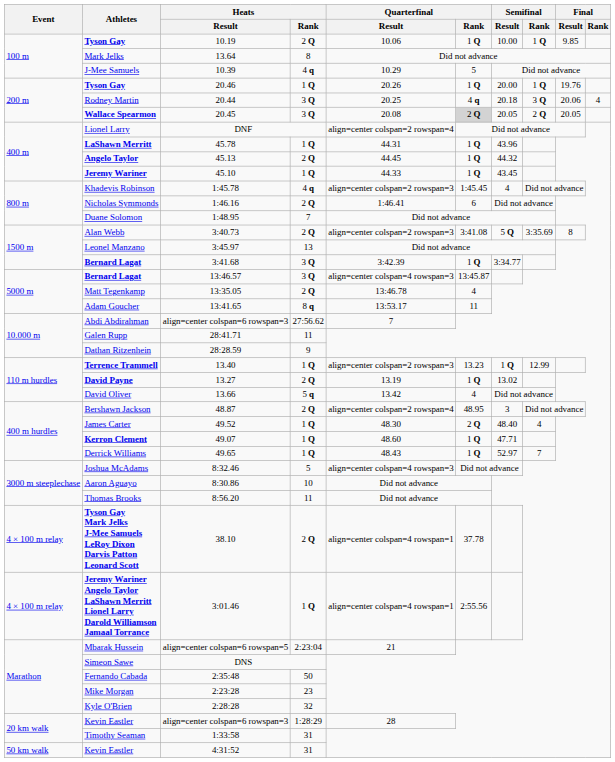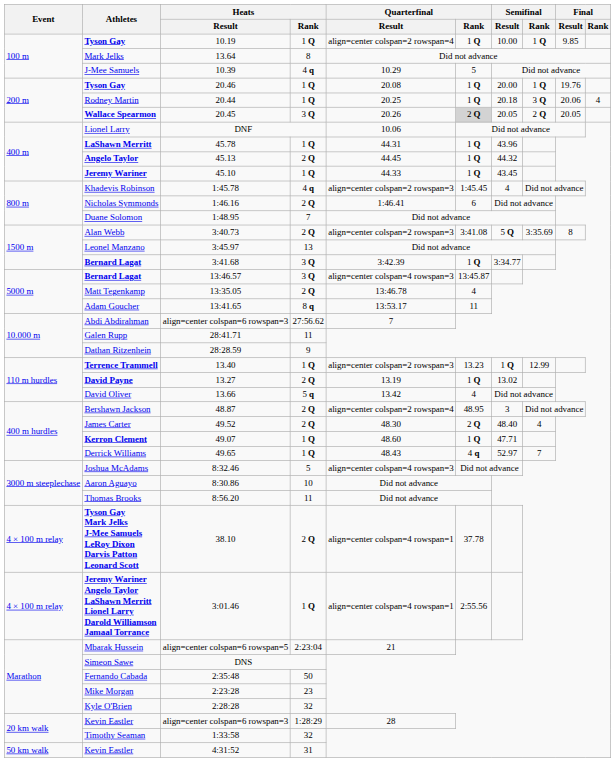 <table class="wikitable" border="1" style="font-size:90%">
 <tr>
 <th rowspan="2">Event</th>
 <th rowspan="2">Athletes</th>
 <th colspan="2">Heats</th>
 <th colspan="2">Quarterfinal</th>
 <th colspan="2">Semifinal</th>
 <th colspan="2">Final</th>
 </tr>
 <tr>
 <th>Result</th>
 <th>Rank</th>
 <th>Result</th>
 <th>Rank</th>
 <th>Result</th>
 <th>Rank</th>
 <th>Result</th>
 <th>Rank</th>
 </tr>
 <tr>
 <td rowspan=3><a href='#'>100 m</a></td>
 <td><strong><a href='#'>Tyson Gay</a></strong></td>
 <td align=center>10.19</td>
-<td align=center>2 <strong>Q</strong></td>
-<td align=center>10.06</td>
+<td align=center>1 <strong>Q</strong></td>
+<td>align=center colspan=2 rowspan=4 </td>
 <td align=center>1 <strong>Q</strong></td>
 <td align=center>10.00</td>
 <td align=center>1 <strong>Q</strong></td>
 <td align=center>9.85</td>
 <td align=center></td>
 </tr>
 <tr>
 <td><a href='#'>Mark Jelks</a></td>
 <td align=center>13.64</td>
 <td align=center>8</td>
 <td align=center colspan=6>Did not advance</td>
 </tr>
 <tr>
 <td><a href='#'>J-Mee Samuels</a></td>
 <td align=center>10.39</td>
 <td align=center>4 <strong>q</strong></td>
 <td align=center>10.29</td>
 <td align=center>5</td>
 <td align=center colspan=4>Did not advance</td>
 </tr>
 <tr>
 <td rowspan=3><a href='#'>200 m</a></td>
 <td><strong><a href='#'>Tyson Gay</a></strong></td>
 <td align=center>20.46</td>
 <td align=center>1 <strong>Q</strong></td>
-<td align=center>20.26</td>
+<td align=center>20.08</td>
 <td align=center>1 <strong>Q</strong></td>
 <td align=center>20.00</td>
 <td align=center>1 <strong>Q</strong></td>
 <td align=center>19.76</td>
 <td align=center></td>
 </tr>
 <tr>
 <td><a href='#'>Rodney Martin</a></td>
 <td align=center>20.44</td>
-<td align=center>3 <strong>Q</strong></td>
+<td align=center>1 <strong>Q</strong></td>
 <td align=center>20.25</td>
-<td align=center>4 <strong>q</strong></td>
+<td align=center>1 <strong>Q</strong></td>
 <td align=center>20.18  </td>
 <td align=center>3 <strong>Q</strong></td>
 <td align=center>20.06</td>
 <td align=center>4</td>
 </tr>
 <tr>
 <td><strong><a href='#'>Wallace Spearmon</a></strong></td>
 <td align=center>20.45</td>
 <td align=center>3 <strong>Q</strong></td>
-<td align=center>20.08</td>
+<td align=center>20.26</td>
 <td align=center style="background: lightgrey;">2 <strong>Q</strong></td>
 <td align=center>20.05</td>
 <td align=center>2 <strong>Q</strong></td>
 <td align=center>20.05</td>
 <td align=center></td>
 </tr>
 <tr>
 <td rowspan=4><a href='#'>400 m</a></td>
 <td><a href='#'>Lionel Larry</a></td>
 <td align=center colspan=2>DNF</td>
-<td>align=center colspan=2 rowspan=4 </td>
+<td align=center>10.06</td>
 <td align=center colspan=4>Did not advance</td>
 </tr>
 <tr>
 <td><strong><a href='#'>LaShawn Merritt</a></strong></td>
 <td align=center>45.78</td>
 <td align=center>1 <strong>Q</strong></td>
 <td align=center>44.31</td>
 <td align=center>1 <strong>Q</strong></td>
 <td align=center>43.96 </td>
 <td align=center></td>
 </tr>
 <tr>
 <td><strong><a href='#'>Angelo Taylor</a></strong></td>
 <td align=center>45.13</td>
 <td align=center>2 <strong>Q</strong></td>
 <td align=center>44.45</td>
 <td align=center>1 <strong>Q</strong></td>
 <td align=center>44.32</td>
 <td align=center></td>
 </tr>
 <tr>
 <td><strong><a href='#'>Jeremy Wariner</a></strong></td>
 <td align=center>45.10</td>
 <td align=center>1 <strong>Q</strong></td>
 <td align=center>44.33</td>
 <td align=center>1 <strong>Q</strong></td>
 <td align=center>43.45 </td>
 <td align=center></td>
 </tr>
 <tr>
 <td rowspan=3><a href='#'>800 m</a></td>
 <td><a href='#'>Khadevis Robinson</a></td>
 <td align=center>1:45.78</td>
 <td align=center>4 <strong>q</strong></td>
 <td>align=center colspan=2 rowspan=3 </td>
 <td align=center>1:45.45</td>
 <td align=center>4</td>
 <td align=center colspan=2>Did not advance</td>
 </tr>
 <tr>
 <td><a href='#'>Nicholas Symmonds</a></td>
 <td align=center>1:46.16</td>
 <td align=center>2 <strong>Q</strong></td>
 <td align=center>1:46.41</td>
 <td align=center>6</td>
 <td align=center colspan=2>Did not advance</td>
 </tr>
 <tr>
 <td><a href='#'>Duane Solomon</a></td>
 <td align=center>1:48.95</td>
 <td align=center>7</td>
 <td align=center colspan=4>Did not advance</td>
 </tr>
 <tr>
 <td rowspan=3><a href='#'>1500 m</a></td>
 <td><a href='#'>Alan Webb</a></td>
 <td align=center>3:40.73</td>
 <td align=center>2 <strong>Q</strong></td>
 <td>align=center colspan=2 rowspan=3 </td>
 <td align=center>3:41.08</td>
 <td align=center>5 <strong>Q</strong></td>
 <td align=center>3:35.69</td>
 <td align=center>8</td>
 </tr>
 <tr>
 <td><a href='#'>Leonel Manzano</a></td>
 <td align=center>3:45.97</td>
 <td align=center>13</td>
 <td align=center colspan=4>Did not advance</td>
 </tr>
 <tr>
 <td><strong><a href='#'>Bernard Lagat</a></strong></td>
 <td align=center>3:41.68</td>
 <td align=center>3 <strong>Q</strong></td>
 <td align=center>3:42.39</td>
 <td align=center>1 <strong>Q</strong></td>
 <td align=center>3:34.77</td>
 <td align=center></td>
 </tr>
 <tr>
 <td rowspan=3><a href='#'>5000 m</a></td>
 <td><strong><a href='#'>Bernard Lagat</a></strong></td>
 <td align=center>13:46.57</td>
 <td align=center>3 <strong>Q</strong></td>
 <td>align=center colspan=4 rowspan=3 </td>
 <td align=center>13:45.87</td>
 <td align=center></td>
 </tr>
 <tr>
 <td><a href='#'>Matt Tegenkamp</a></td>
 <td align=center>13:35.05</td>
 <td align=center>2 <strong>Q</strong></td>
 <td align=center>13:46.78</td>
 <td align=center>4</td>
 </tr>
 <tr>
 <td><a href='#'>Adam Goucher</a></td>
 <td align=center>13:41.65</td>
 <td align=center>8 <strong>q</strong></td>
 <td align=center>13:53.17</td>
 <td align=center>11</td>
 </tr>
 <tr>
 <td rowspan=3><a href='#'>10.000 m</a></td>
 <td><a href='#'>Abdi Abdirahman</a></td>
 <td>align=center colspan=6 rowspan=3 </td>
 <td align=center>27:56.62</td>
 <td align=center>7</td>
 </tr>
 <tr>
 <td><a href='#'>Galen Rupp</a></td>
 <td align=center>28:41.71</td>
 <td align=center>11</td>
 </tr>
 <tr>
 <td><a href='#'>Dathan Ritzenhein</a></td>
 <td align=center>28:28.59</td>
 <td align=center>9</td>
 </tr>
 <tr>
 <td rowspan=3><a href='#'>110 m hurdles</a></td>
 <td><strong><a href='#'>Terrence Trammell</a></strong></td>
 <td align=center>13.40</td>
 <td align=center>1 <strong>Q</strong></td>
 <td>align=center colspan=2 rowspan=3 </td>
 <td align=center>13.23</td>
 <td align=center>1 <strong>Q</strong></td>
 <td align=center>12.99</td>
 <td align=center></td>
 </tr>
 <tr>
 <td><strong><a href='#'>David Payne</a></strong></td>
 <td align=center>13.27</td>
 <td align=center>2 <strong>Q</strong></td>
 <td align=center>13.19</td>
 <td align=center>1 <strong>Q</strong></td>
 <td align=center>13.02 </td>
 <td align=center></td>
 </tr>
 <tr>
 <td><a href='#'>David Oliver</a></td>
 <td align=center>13.66</td>
 <td align=center>5 <strong>q</strong></td>
 <td align=center>13.42</td>
 <td align=center>4</td>
 <td align=center colspan=2>Did not advance</td>
 </tr>
 <tr>
 <td rowspan=4><a href='#'>400 m hurdles</a></td>
 <td><a href='#'>Bershawn Jackson</a></td>
 <td align=center>48.87</td>
 <td align=center>2 <strong>Q</strong></td>
 <td>align=center colspan=2 rowspan=4 </td>
 <td align=center>48.95</td>
 <td align=center>3</td>
 <td align=center colspan=2>Did not advance</td>
 </tr>
 <tr>
 <td><a href='#'>James Carter</a></td>
 <td align=center>49.52</td>
-<td align=center>1 <strong>Q</strong></td>
+<td align=center>2 <strong>Q</strong></td>
 <td align=center>48.30</td>
 <td align=center>2 <strong>Q</strong></td>
 <td align=center>48.40</td>
 <td align=center>4</td>
 </tr>
 <tr>
 <td><strong><a href='#'>Kerron Clement</a></strong></td>
 <td align=center>49.07</td>
 <td align=center>1 <strong>Q</strong></td>
 <td align=center>48.60</td>
 <td align=center>1 <strong>Q</strong></td>
 <td align=center>47.71 </td>
 <td align=center></td>
 </tr>
 <tr>
 <td><a href='#'>Derrick Williams</a></td>
 <td align=center>49.65</td>
 <td align=center>1 <strong>Q</strong></td>
 <td align=center>48.43</td>
-<td align=center>1 <strong>Q</strong></td>
+<td align=center>4 <strong>q</strong></td>
 <td align=center>52.97</td>
 <td align=center>7</td>
 </tr>
 <tr>
 <td rowspan=3><a href='#'>3000 m steeplechase</a></td>
 <td><a href='#'>Joshua McAdams</a></td>
 <td align=center>8:32.46</td>
 <td align=center>5</td>
 <td>align=center colspan=4 rowspan=3 </td>
 <td align=center colspan=2>Did not advance</td>
 </tr>
 <tr>
 <td><a href='#'>Aaron Aguayo</a></td>
 <td align=center>8:30.86</td>
 <td align=center>10</td>
 <td align=center colspan=2>Did not advance</td>
 </tr>
 <tr>
 <td><a href='#'>Thomas Brooks</a></td>
 <td align=center>8:56.20</td>
 <td align=center>11</td>
 <td align=center colspan=2>Did not advance</td>
 </tr>
 <tr>
 <td rowspan=1><a href='#'>4 × 100 m relay</a></td>
 <td><strong><a href='#'>Tyson Gay</a><br><a href='#'>Mark Jelks</a><br><a href='#'>J-Mee Samuels</a><br><a href='#'>LeRoy Dixon</a><br><a href='#'>Darvis Patton</a><br><a href='#'>Leonard Scott</a> </strong></td>
 <td align=center>38.10</td>
 <td align=center>2 <strong>Q</strong></td>
 <td>align=center colspan=4 rowspan=1 </td>
 <td align=center>37.78</td>
 <td align=center></td>
 </tr>
 <tr>
 <td rowspan=1><a href='#'>4 × 100 m relay</a></td>
 <td><strong><a href='#'>Jeremy Wariner</a><br><a href='#'>Angelo Taylor</a><br><a href='#'>LaShawn Merritt</a><br><a href='#'>Lionel Larry</a><br><a href='#'>Darold Williamson</a><br><a href='#'>Jamaal Torrance</a> </strong></td>
 <td align=center>3:01.46</td>
 <td align=center>1 <strong>Q</strong></td>
 <td>align=center colspan=4 rowspan=1 </td>
 <td align=center>2:55.56</td>
 <td align=center></td>
 </tr>
 <tr>
 <td rowspan=5><a href='#'>Marathon</a></td>
 <td><a href='#'>Mbarak Hussein</a></td>
 <td>align=center colspan=6 rowspan=5 </td>
 <td align=center>2:23:04 </td>
 <td align=center>21</td>
 </tr>
 <tr>
 <td><a href='#'>Simeon Sawe</a></td>
 <td colspan=2 align=center>DNS</td>
 </tr>
 <tr>
 <td><a href='#'>Fernando Cabada</a></td>
 <td align=center>2:35:48 </td>
 <td align=center>50</td>
 </tr>
 <tr>
 <td><a href='#'>Mike Morgan</a></td>
 <td align=center>2:23:28  </td>
 <td align=center>23</td>
 </tr>
 <tr>
 <td><a href='#'>Kyle O'Brien</a></td>
 <td align=center>2:28:28 </td>
 <td align=center>32</td>
 </tr>
 <tr>
 <td rowspan=2><a href='#'>20 km walk</a></td>
 <td><a href='#'>Kevin Eastler</a></td>
 <td>align=center colspan=6 rowspan=3 </td>
 <td align=center>1:28:29</td>
 <td align=center>28</td>
 </tr>
 <tr>
 <td><a href='#'>Timothy Seaman</a></td>
 <td align=center>1:33:58</td>
-<td align=center>31</td>
+<td align=center>32</td>
 </tr>
 <tr>
 <td rowspan=1><a href='#'>50 km walk</a></td>
 <td><a href='#'>Kevin Eastler</a></td>
 <td align=center>4:31:52</td>
 <td align=center>31</td>
 </tr>
 </table>
